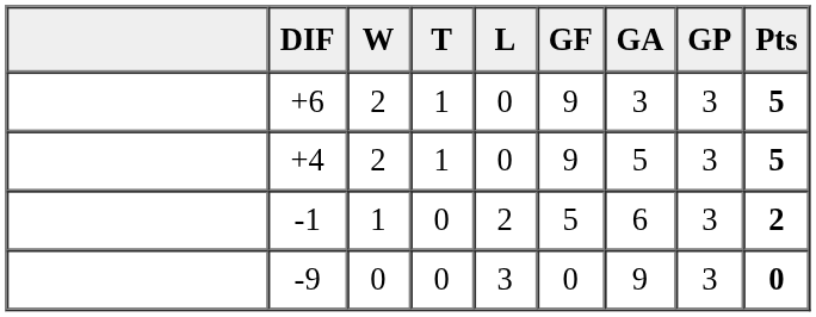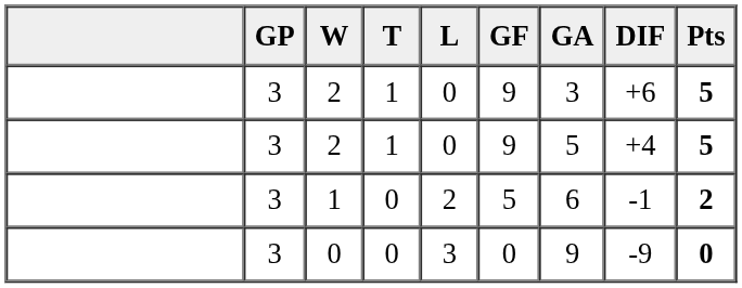 <table border=1 cellpadding=5 cellspacing=0>
 <tr>
 <th bgcolor="#efefef" width="120">　</th>
-<th bgcolor="#efefef" width="20">DIF</th>
+<th bgcolor="#efefef" width="20">GP</th>
 <th bgcolor="#efefef" width="20">W</th>
 <th bgcolor="#efefef" width="20">T</th>
 <th bgcolor="#efefef" width="20">L</th>
 <th bgcolor="#efefef" width="20">GF</th>
 <th bgcolor="#efefef" width="20">GA</th>
-<th bgcolor="#efefef" width="20">GP</th>
+<th bgcolor="#efefef" width="20">DIF</th>
 <th bgcolor="#efefef" width="20">Pts</th>
 </tr>
 <tr align=center>
 <td align=left><strong></strong></td>
-<td>+6</td>
+<td>3</td>
 <td>2</td>
 <td>1</td>
 <td>0</td>
 <td>9</td>
 <td>3</td>
-<td>3</td>
+<td>+6</td>
 <td><strong>5</strong></td>
 </tr>
 <tr align=center>
 <td align=left></td>
-<td>+4</td>
+<td>3</td>
 <td>2</td>
 <td>1</td>
 <td>0</td>
 <td>9</td>
 <td>5</td>
-<td>3</td>
+<td>+4</td>
 <td><strong>5</strong></td>
 </tr>
 <tr align=center>
 <td align=left></td>
-<td>-1</td>
+<td>3</td>
 <td>1</td>
 <td>0</td>
 <td>2</td>
 <td>5</td>
 <td>6</td>
-<td>3</td>
+<td>-1</td>
 <td><strong>2</strong></td>
 </tr>
 <tr align=center>
 <td align=left></td>
-<td>-9</td>
+<td>3</td>
 <td>0</td>
 <td>0</td>
 <td>3</td>
 <td>0</td>
 <td>9</td>
-<td>3</td>
+<td>-9</td>
 <td><strong>0</strong></td>
 </tr>
 </table>
